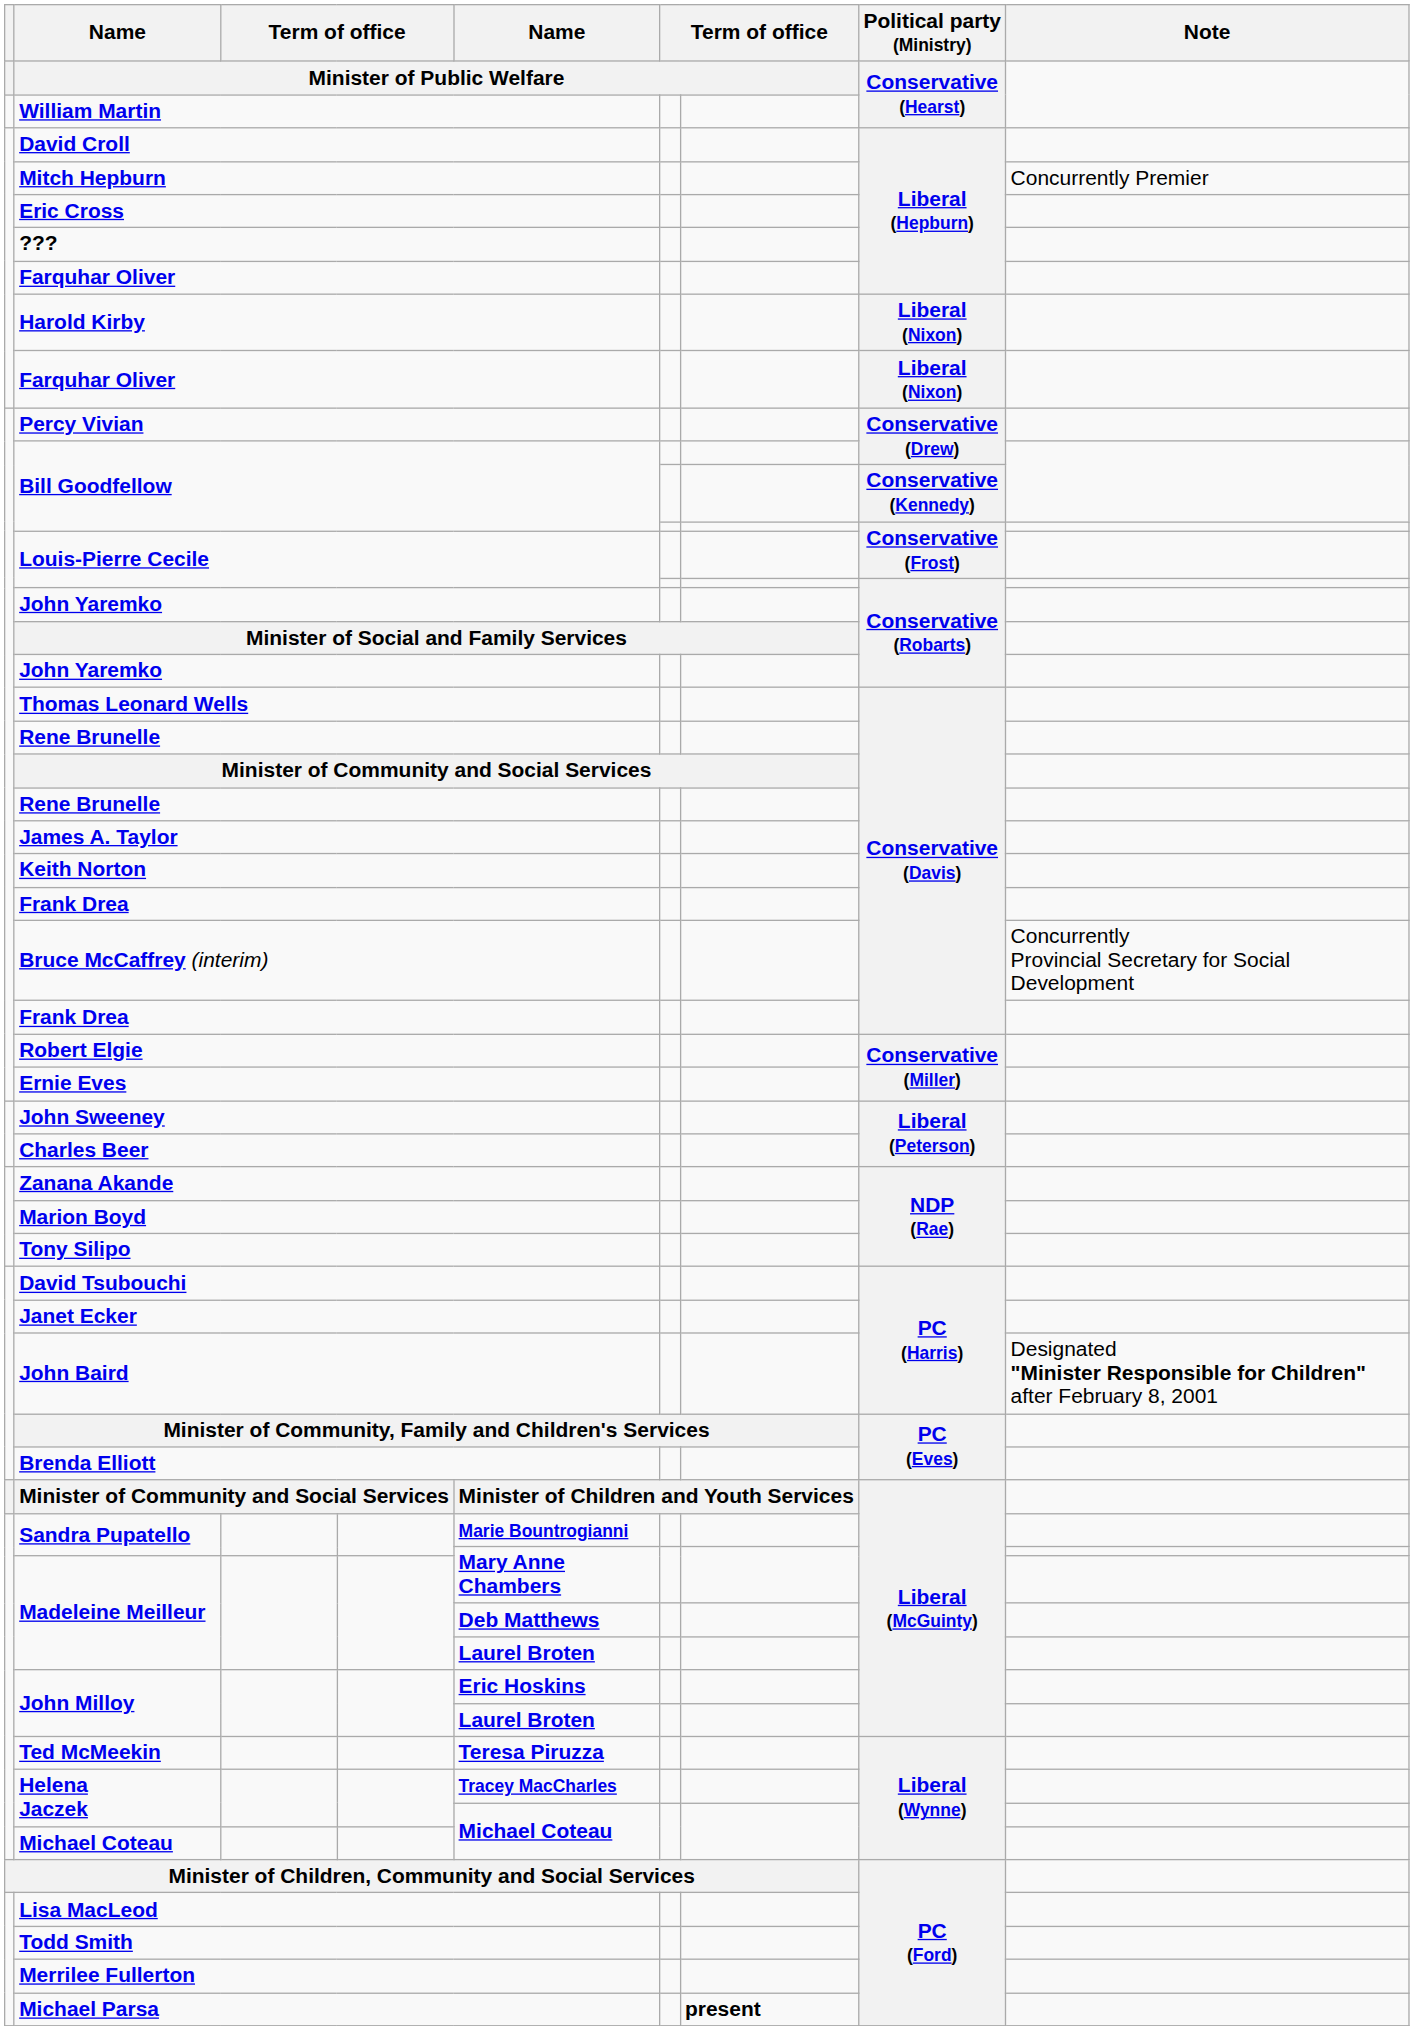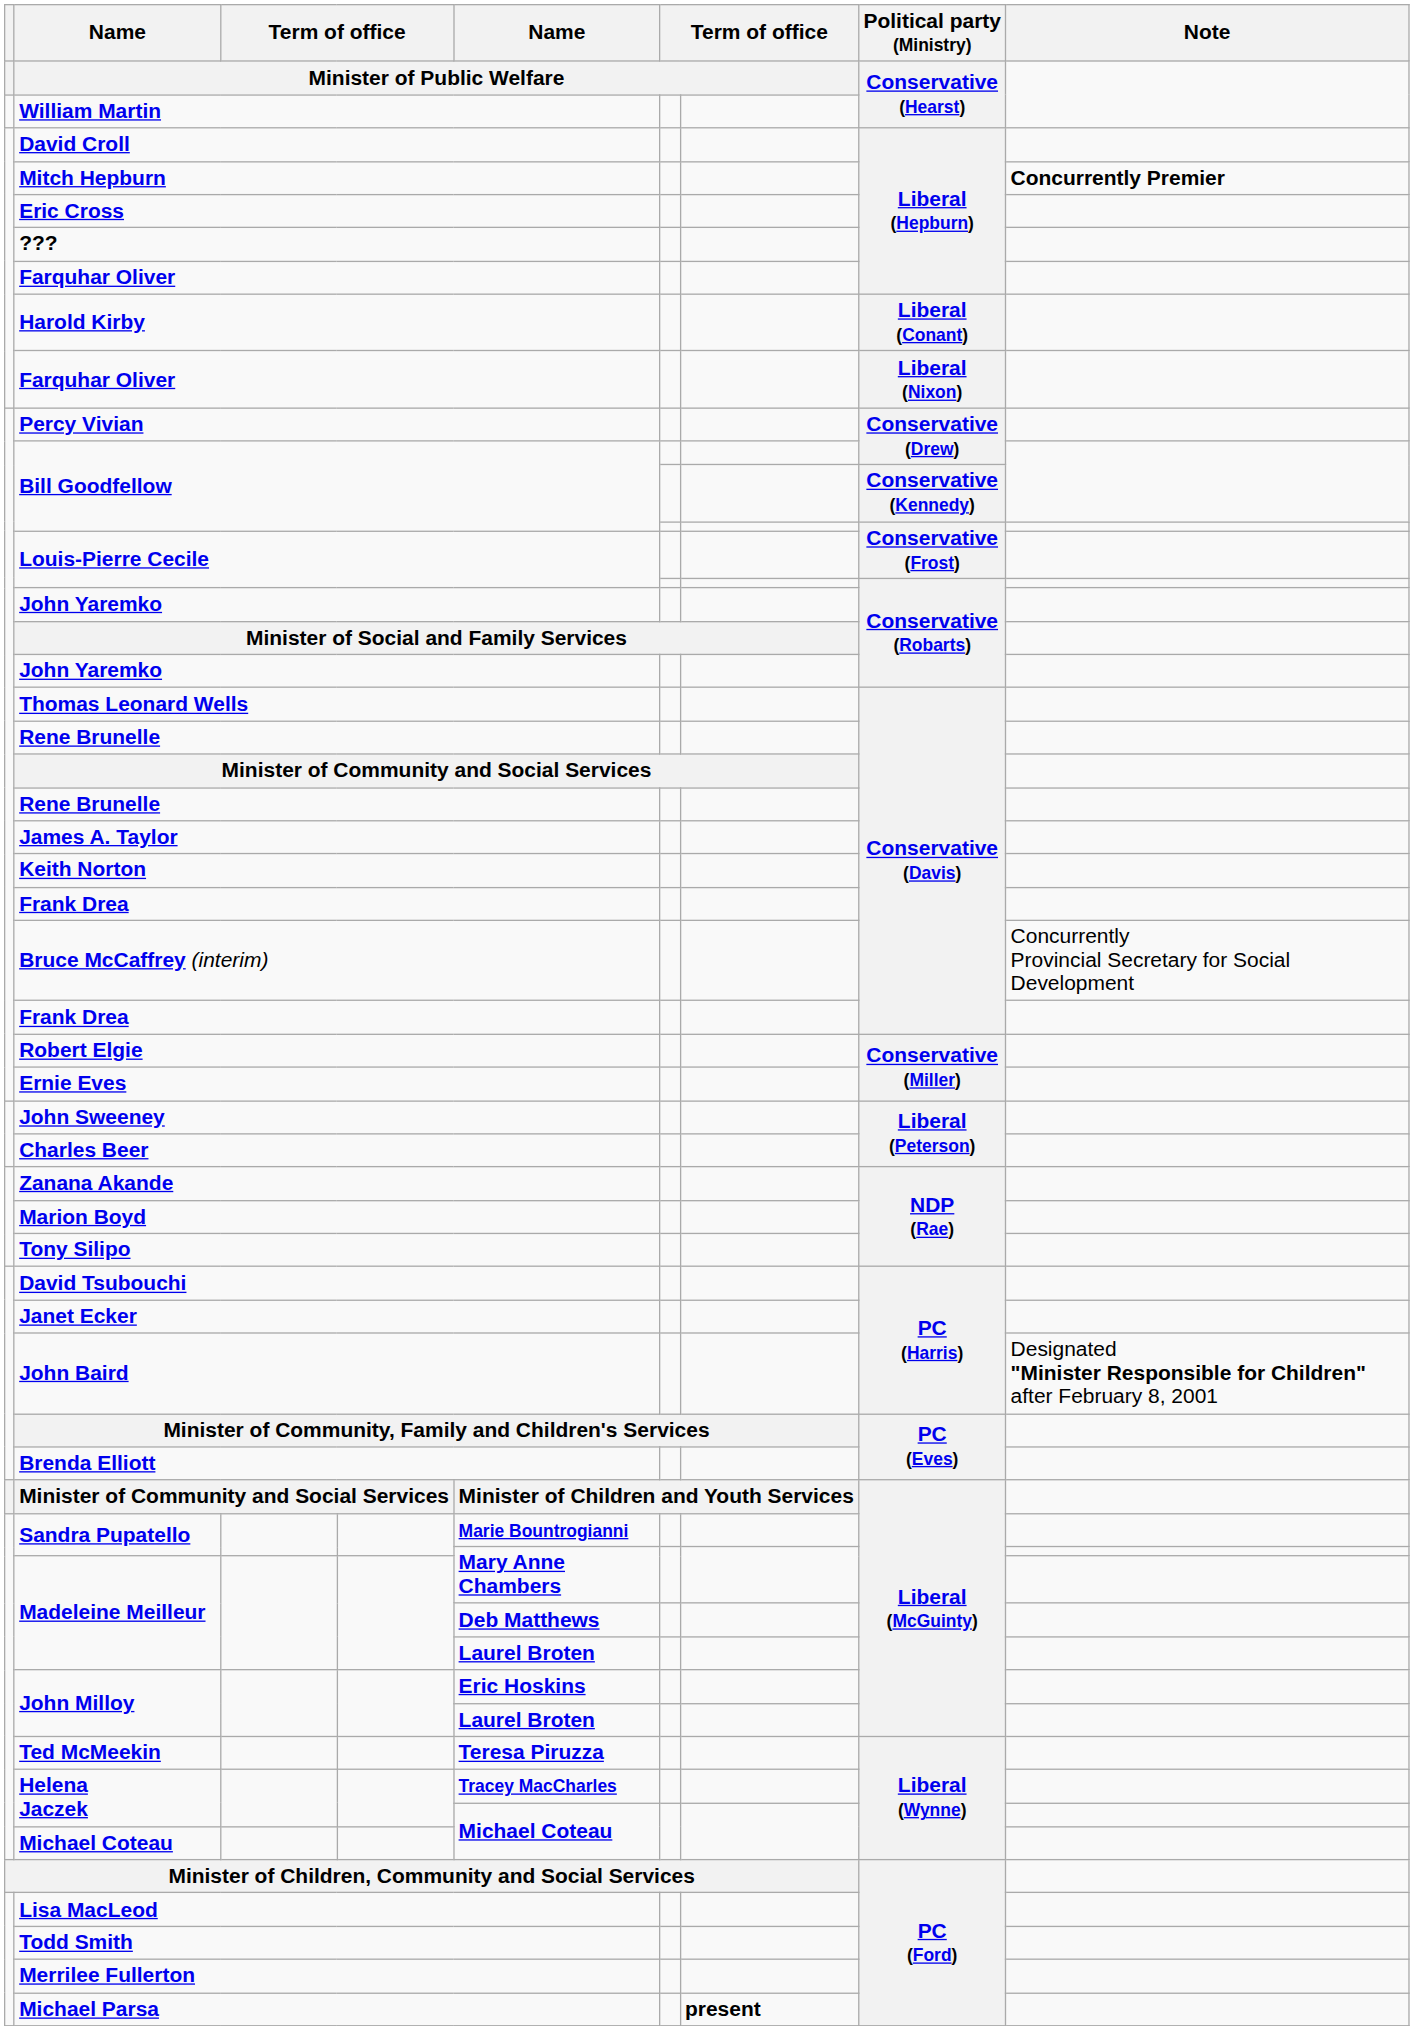 <table class="wikitable">
 <tr>
 <th></th>
 <th style="width: 150px;">Name</th>
 <th colspan=2; style="width: 125px;">Term of office</th>
 <th style="width: 150px;">Name</th>
 <th colspan=2; style="width: 125px;">Term of office</th>
 <th>Political party<br><small>(Ministry)</small></th>
 <th style="width: 300px;">Note</th>
 </tr>
 <tr>
 <th></th>
 <th colspan=6>Minister of Public Welfare</th>
 <th rowspan=2; style="background:"><a href='#'>Conservative</a><br><small>(<a href='#'>Hearst</a>)</small></th>
 </tr>
 <tr>
 <td rowspan=1 style="background:"></td>
 <td colspan=4><strong><a href='#'>William Martin</a></strong></td>
 <td></td>
 <td></td>
 </tr>
 <tr>
 <td rowspan=7; style="background:"></td>
 <td colspan=4><strong><a href='#'>David Croll</a></strong></td>
 <td></td>
 <td></td>
 <th rowspan=5; style="background:"><a href='#'>Liberal</a><br><small>(<a href='#'>Hepburn</a>)</small></th>
 <td></td>
 </tr>
 <tr>
 <td colspan=4><strong><a href='#'>Mitch Hepburn</a></strong></td>
 <td></td>
 <td></td>
-<td>Concurrently Premier</td>
+<td><strong>Concurrently Premier</strong></td>
 </tr>
 <tr>
 <td colspan=4><strong><a href='#'>Eric Cross</a></strong></td>
 <td></td>
 <td></td>
 <td></td>
 </tr>
 <tr>
 <td colspan=4><strong>???</strong></td>
 <td></td>
 <td></td>
 <td></td>
 </tr>
 <tr>
 <td colspan=4><strong><a href='#'>Farquhar Oliver</a></strong></td>
 <td></td>
 <td></td>
 <td></td>
 </tr>
 <tr>
 <td colspan=4><strong><a href='#'>Harold Kirby</a></strong></td>
 <td></td>
 <td></td>
-<th style="background:"><a href='#'>Liberal</a><br><small>(<a href='#'>Nixon</a>)</small></th>
+<th style="background:"><a href='#'>Liberal</a><br><small>(<a href='#'>Conant</a>)</small></th>
 <td></td>
 </tr>
 <tr>
 <td colspan=4><strong><a href='#'>Farquhar Oliver</a></strong></td>
 <td></td>
 <td></td>
 <th style="background:"><a href='#'>Liberal</a><br><small>(<a href='#'>Nixon</a>)</small></th>
 <td></td>
 </tr>
 <tr>
 <td rowspan=20; style="background:"></td>
 <td colspan=4><strong><a href='#'>Percy Vivian</a></strong></td>
 <td></td>
 <td></td>
 <th rowspan=2; style="background:"><a href='#'>Conservative</a><br><small>(<a href='#'>Drew</a>)</small></th>
 <td></td>
 </tr>
 <tr>
 <td rowspan=3; colspan=4><strong><a href='#'>Bill Goodfellow</a></strong></td>
 <td></td>
 <td></td>
 </tr>
 <tr>
 <td></td>
 <td></td>
 <th rowspan=1; style="background:"><a href='#'>Conservative</a><br><small>(<a href='#'>Kennedy</a>)</small></th>
 </tr>
 <tr>
 <td></td>
 <td></td>
 <th rowspan=2; style="background:"><a href='#'>Conservative</a><br><small>(<a href='#'>Frost</a>)</small></th>
 <td></td>
 </tr>
 <tr>
 <td rowspan=2; colspan=4><strong><a href='#'>Louis-Pierre Cecile</a></strong></td>
 <td></td>
 <td></td>
 <td></td>
 </tr>
 <tr>
 <td></td>
 <td></td>
 <th rowspan=4; style="background:"><a href='#'>Conservative</a><br><small>(<a href='#'>Robarts</a>)</small></th>
 <td></td>
 </tr>
 <tr>
 <td colspan=4><strong><a href='#'>John Yaremko</a></strong></td>
 <td></td>
 <td></td>
 <td></td>
 </tr>
 <tr>
 <th colspan=6>Minister of Social and Family Services</th>
 </tr>
 <tr>
 <td colspan=4><strong><a href='#'>John Yaremko</a></strong></td>
 <td></td>
 <td></td>
 <td></td>
 </tr>
 <tr>
 <td colspan=4><strong><a href='#'>Thomas Leonard Wells</a></strong></td>
 <td></td>
 <td></td>
 <th rowspan=9; style="background:"><a href='#'>Conservative</a><br><small>(<a href='#'>Davis</a>)</small></th>
 </tr>
 <tr>
 <td colspan=4><strong><a href='#'>Rene Brunelle</a></strong></td>
 <td></td>
 <td></td>
 <td></td>
 </tr>
 <tr>
 <th colspan=6>Minister of Community and Social Services</th>
 </tr>
 <tr>
 <td colspan=4><strong><a href='#'>Rene Brunelle</a></strong></td>
 <td></td>
 <td></td>
 <td></td>
 </tr>
 <tr>
 <td colspan = 4><strong><a href='#'>James A. Taylor</a></strong></td>
 <td></td>
 <td></td>
 <td></td>
 </tr>
 <tr>
 <td colspan = 4><strong><a href='#'>Keith Norton</a></strong></td>
 <td></td>
 <td></td>
 <td></td>
 </tr>
 <tr>
 <td colspan = 4><strong><a href='#'>Frank Drea</a></strong></td>
 <td></td>
 <td></td>
 <td></td>
 </tr>
 <tr>
 <td colspan = 4><strong><a href='#'>Bruce McCaffrey</a></strong> <em>(interim)</em></td>
 <td></td>
 <td></td>
 <td>Concurrently <br> Provincial Secretary for Social Development</td>
 </tr>
 <tr>
 <td colspan = 4><strong><a href='#'>Frank Drea</a></strong></td>
 <td></td>
 <td></td>
 <td></td>
 </tr>
 <tr>
 <td colspan=4><strong><a href='#'>Robert Elgie</a></strong></td>
 <td></td>
 <td></td>
 <th rowspan=2; style="background:"><a href='#'>Conservative</a><br><small>(<a href='#'>Miller</a>)</small></th>
 </tr>
 <tr>
 <td colspan = 4><strong><a href='#'>Ernie Eves</a></strong></td>
 <td></td>
 <td></td>
 <td></td>
 </tr>
 <tr>
 <td rowspan=2; style="background:"></td>
 <td colspan=4><strong><a href='#'>John Sweeney</a></strong></td>
 <td></td>
 <td></td>
 <th rowspan=2; style="background:"><a href='#'>Liberal</a><br><small>(<a href='#'>Peterson</a>)</small></th>
 </tr>
 <tr>
 <td colspan = 4><strong><a href='#'>Charles Beer</a></strong></td>
 <td></td>
 <td></td>
 <td></td>
 </tr>
 <tr>
 <td rowspan=3; style="background:"></td>
 <td colspan=4><strong><a href='#'>Zanana Akande</a></strong></td>
 <td></td>
 <td></td>
 <th rowspan=3; style="background:"><a href='#'>NDP</a><br><small>(<a href='#'>Rae</a>)</small></th>
 </tr>
 <tr>
 <td colspan = 4><strong><a href='#'>Marion Boyd</a></strong></td>
 <td></td>
 <td></td>
 <td></td>
 </tr>
 <tr>
 <td colspan = 4><strong><a href='#'>Tony Silipo</a></strong></td>
 <td></td>
 <td></td>
 <td></td>
 </tr>
 <tr>
 <td rowspan=5; style="background:"></td>
 <td colspan=4><strong><a href='#'>David Tsubouchi</a></strong></td>
 <td></td>
 <td></td>
 <th rowspan=3; style="background:"><a href='#'>PC</a><br><small>(<a href='#'>Harris</a>)</small></th>
 </tr>
 <tr>
 <td colspan = 4><strong><a href='#'>Janet Ecker</a></strong></td>
 <td></td>
 <td></td>
 <td></td>
 </tr>
 <tr>
 <td colspan = 4><strong><a href='#'>John Baird</a></strong></td>
 <td></td>
 <td></td>
 <td>Designated <br><strong>"Minister Responsible for Children"</strong> after February 8, 2001</td>
 </tr>
 <tr>
 <th colspan=6>Minister of Community, Family and Children's Services</th>
 <th rowspan=2; style="background:"><a href='#'>PC</a><br><small>(<a href='#'>Eves</a>)</small></th>
 </tr>
 <tr>
 <td colspan=4><strong><a href='#'>Brenda Elliott</a></strong></td>
 <td></td>
 <td></td>
 <td></td>
 </tr>
 <tr>
 <th></th>
 <th colspan=3>Minister of Community and Social Services</th>
 <th colspan=3>Minister of Children and Youth Services</th>
 <th rowspan=8; style="background:"><a href='#'>Liberal</a><br><small>(<a href='#'>McGuinty</a>)</small></th>
 </tr>
 <tr>
 <td rowspan=11; style="background:"></td>
 <td rowspan=2><strong><a href='#'>Sandra Pupatello</a></strong></td>
 <td rowspan=2></td>
 <td rowspan=2></td>
 <td><small><strong><a href='#'>Marie Bountrogianni</a></strong></small></td>
 <td></td>
 <td></td>
 <td></td>
 </tr>
 <tr>
 <td rowspan=2><strong><a href='#'>Mary Anne Chambers</a></strong></td>
 <td rowspan=2></td>
 <td rowspan=2></td>
 <td></td>
 </tr>
 <tr>
 <td rowspan=3><strong><a href='#'>Madeleine Meilleur</a></strong></td>
 <td rowspan=3></td>
 <td rowspan=3></td>
 <td></td>
 </tr>
 <tr>
 <td><strong><a href='#'>Deb Matthews</a></strong></td>
 <td></td>
 <td></td>
 <td></td>
 </tr>
 <tr>
 <td><strong><a href='#'>Laurel Broten</a></strong></td>
 <td></td>
 <td></td>
 <td></td>
 </tr>
 <tr>
 <td rowspan=2><strong><a href='#'>John Milloy</a></strong></td>
 <td rowspan=2></td>
 <td rowspan=2></td>
 <td><strong><a href='#'>Eric Hoskins</a></strong></td>
 <td></td>
 <td></td>
 <td></td>
 </tr>
 <tr>
 <td><strong><a href='#'>Laurel Broten</a></strong></td>
 <td></td>
 <td></td>
 <td></td>
 </tr>
 <tr>
 <td><strong><a href='#'>Ted McMeekin</a></strong></td>
 <td></td>
 <td></td>
 <td><strong><a href='#'>Teresa Piruzza</a></strong></td>
 <td></td>
 <td></td>
 <th rowspan=4; style="background:"><a href='#'>Liberal</a><br><small>(<a href='#'>Wynne</a>)</small></th>
 </tr>
 <tr>
 <td rowspan=2><strong><a href='#'>Helena <br> Jaczek</a></strong></td>
 <td rowspan=2></td>
 <td rowspan=2></td>
 <td><small><strong><a href='#'>Tracey MacCharles</a></strong></small></td>
 <td></td>
 <td></td>
 <td></td>
 </tr>
 <tr>
 <td rowspan=2><strong><a href='#'>Michael Coteau</a></strong></td>
 <td rowspan=2></td>
 <td rowspan=2></td>
 <td></td>
 </tr>
 <tr>
 <td><strong><a href='#'>Michael Coteau</a></strong></td>
 <td></td>
 <td></td>
 <td></td>
 </tr>
 <tr>
 <th colspan=7>Minister of Children, Community and Social Services</th>
 <th rowspan=5; style="background:"><a href='#'>PC</a><br><small>(<a href='#'>Ford</a>)</small></th>
 </tr>
 <tr>
 <td rowspan=4; style="background:"></td>
 <td colspan=4><strong><a href='#'>Lisa MacLeod</a></strong></td>
 <td></td>
 <td></td>
 <td></td>
 </tr>
 <tr>
 <td colspan=4><strong><a href='#'>Todd Smith</a></strong></td>
 <td></td>
 <td></td>
 <td></td>
 </tr>
 <tr>
 <td colspan=4><strong><a href='#'>Merrilee Fullerton</a></strong></td>
 <td></td>
 <td></td>
 <td></td>
 </tr>
 <tr>
 <td colspan=4><strong><a href='#'>Michael Parsa</a></strong></td>
 <td></td>
 <td><strong>present</strong></td>
 <td></td>
 </tr>
 <tr>
 </tr>
 </table>
